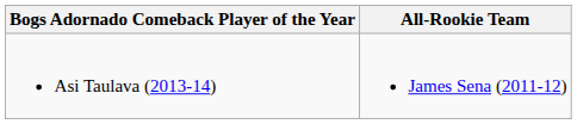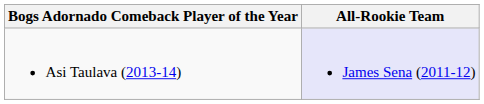 <table class=wikitable>
 <tr>
 <th>Bogs Adornado Comeback Player of the Year</th>
 <th>All-Rookie Team</th>
 </tr>
 <tr>
 <td valign="top"><br><ul><li>Asi Taulava (<a href='#'>2013-14</a>)</li></ul></td>
-<td valign="top"><br><ul><li><a href='#'>James Sena</a> (<a href='#'>2011-12</a>)</li></ul></td>
+<td valign="top" style="background: lavender;"><br><ul><li><a href='#'>James Sena</a> (<a href='#'>2011-12</a>)</li></ul></td>
 </tr>
 </table>
